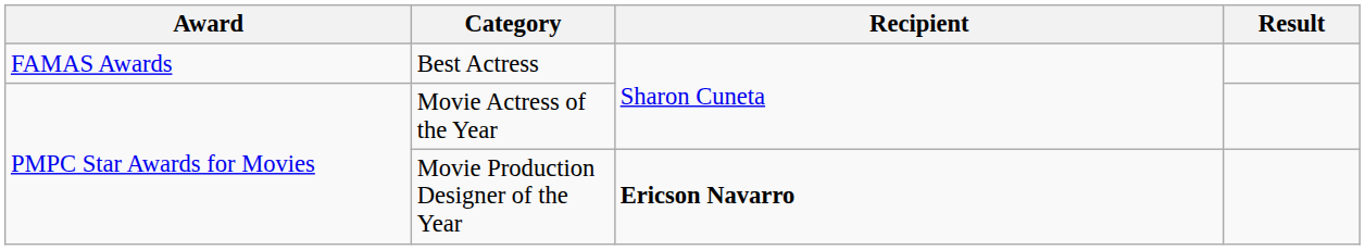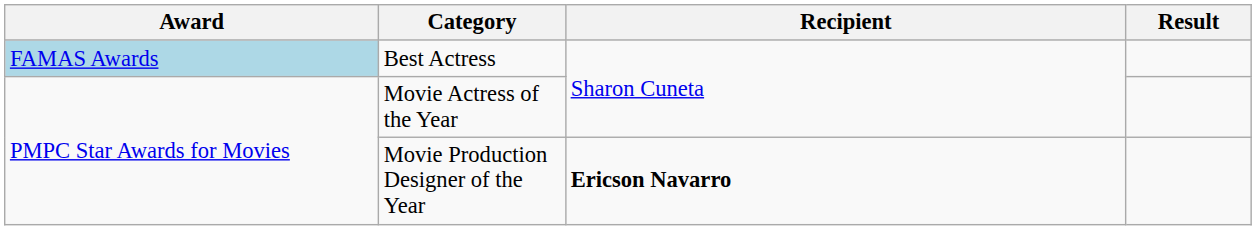 <table style="width:70%;" class="wikitable sortable">
 <tr>
 <th style="width:30%;">Award</th>
 <th style="width:15%;">Category</th>
 <th>Recipient</th>
 <th style="width:10%;">Result</th>
 </tr>
 <tr>
-<td><a href='#'>FAMAS Awards</a></td>
+<td style="background: lightblue;"><a href='#'>FAMAS Awards</a></td>
 <td>Best Actress</td>
 <td rowspan="2"><a href='#'>Sharon Cuneta</a></td>
 <td></td>
 </tr>
 <tr>
 <td rowspan="2"><a href='#'>PMPC Star Awards for Movies</a></td>
 <td>Movie Actress of the Year</td>
 <td></td>
 </tr>
 <tr>
 <td>Movie Production Designer of the Year</td>
 <td><strong>Ericson Navarro</strong></td>
 <td></td>
 </tr>
 </table>
